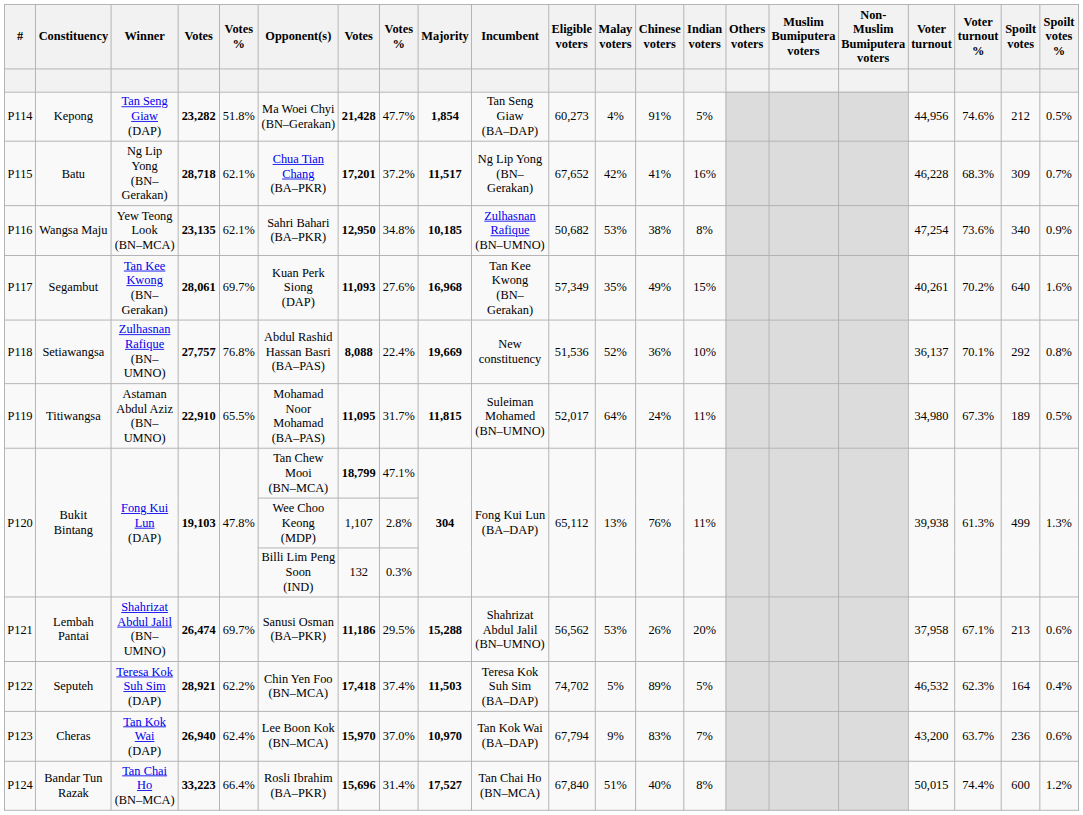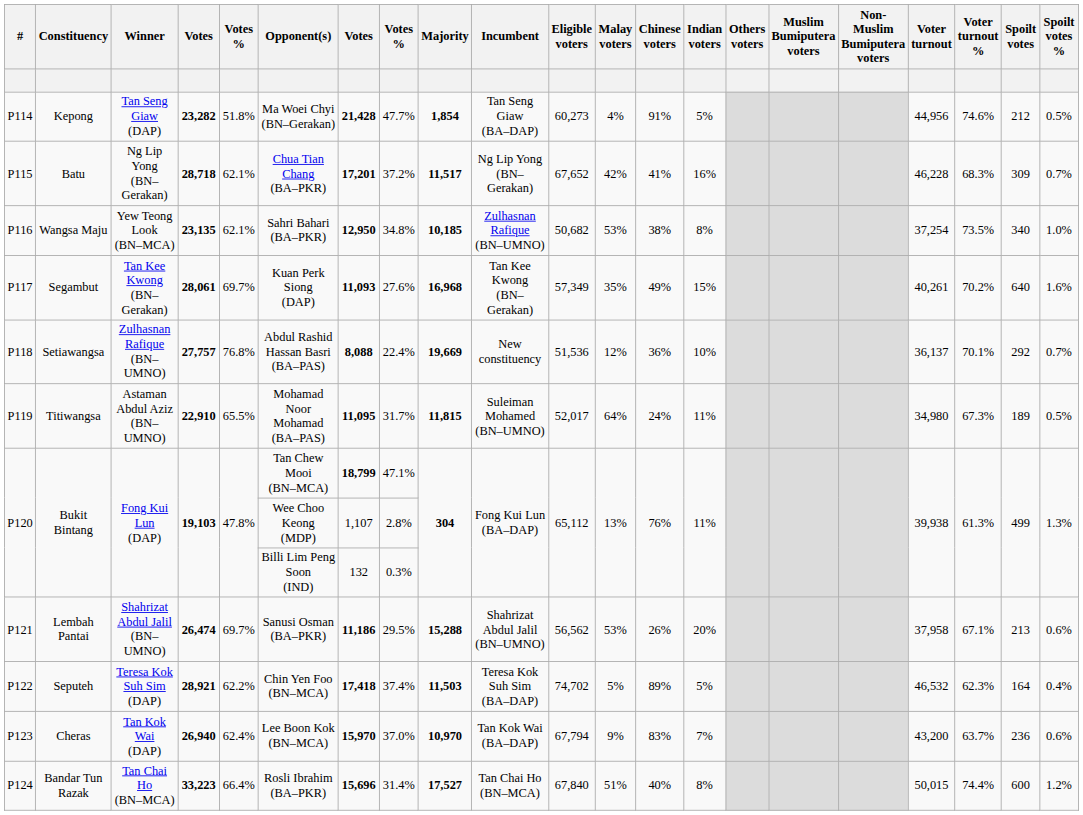 <table class="wikitable sortable" style="text-align:center; font-size:90%">
 <tr>
 <th width="30">#</th>
 <th width="60">Constituency</th>
 <th width="150">Winner</th>
 <th width="50">Votes</th>
 <th width="50">Votes %</th>
 <th width="150">Opponent(s)</th>
 <th width="50">Votes</th>
 <th width="50">Votes %</th>
 <th width="50">Majority</th>
 <th width="150">Incumbent</th>
 <th width="50">Eligible voters</th>
 <th width="50">Malay voters</th>
 <th width="50">Chinese voters</th>
 <th width="50">Indian voters</th>
 <th width="50">Others voters</th>
 <th width="50">Muslim Bumiputera voters</th>
 <th width="50">Non-Muslim Bumiputera voters</th>
 <th width="50">Voter turnout</th>
 <th width="50">Voter turnout %</th>
 <th width="50">Spoilt votes</th>
 <th width="50">Spoilt votes %</th>
 </tr>
 <tr>
 <th height="20"></th>
 <th></th>
 <th></th>
 <th></th>
 <th></th>
 <th></th>
 <th></th>
 <th></th>
 <th></th>
 <th></th>
 <th></th>
 <th></th>
 <th></th>
 <th></th>
 <th></th>
 <th></th>
 <th></th>
 <th></th>
 <th></th>
 <th></th>
 <th></th>
 </tr>
 <tr>
 <td>P114</td>
 <td>Kepong</td>
 <td><a href='#'>Tan Seng Giaw</a><br>(DAP)</td>
 <td><strong>23,282</strong></td>
 <td>51.8%</td>
 <td>Ma Woei Chyi<br>(BN–Gerakan)</td>
 <td><strong>21,428</strong></td>
 <td>47.7%</td>
 <td><strong>1,854</strong></td>
 <td>Tan Seng Giaw<br>(BA–DAP)</td>
 <td>60,273</td>
 <td>4%</td>
 <td>91%</td>
 <td>5%</td>
 <td bgcolor="dcdcdc"></td>
 <td bgcolor="dcdcdc"></td>
 <td bgcolor="dcdcdc"></td>
 <td>44,956</td>
 <td>74.6%</td>
 <td>212</td>
 <td>0.5%</td>
 </tr>
 <tr>
 <td>P115</td>
 <td>Batu</td>
 <td>Ng Lip Yong<br>(BN–Gerakan)</td>
 <td><strong>28,718</strong></td>
 <td>62.1%</td>
 <td><a href='#'>Chua Tian Chang</a><br>(BA–PKR)</td>
 <td><strong>17,201</strong></td>
 <td>37.2%</td>
 <td><strong>11,517</strong></td>
 <td>Ng Lip Yong<br>(BN–Gerakan)</td>
 <td>67,652</td>
 <td>42%</td>
 <td>41%</td>
 <td>16%</td>
 <td bgcolor="dcdcdc"></td>
 <td bgcolor="dcdcdc"></td>
 <td bgcolor="dcdcdc"></td>
 <td>46,228</td>
 <td>68.3%</td>
 <td>309</td>
 <td>0.7%</td>
 </tr>
 <tr>
 <td>P116</td>
 <td>Wangsa Maju</td>
 <td>Yew Teong Look<br>(BN–MCA)</td>
 <td><strong>23,135</strong></td>
 <td>62.1%</td>
 <td>Sahri Bahari<br>(BA–PKR)</td>
 <td><strong>12,950</strong></td>
 <td>34.8%</td>
 <td><strong>10,185</strong></td>
 <td><a href='#'>Zulhasnan Rafique</a><br>(BN–UMNO)</td>
 <td>50,682</td>
 <td>53%</td>
 <td>38%</td>
 <td>8%</td>
 <td bgcolor="dcdcdc"></td>
 <td bgcolor="dcdcdc"></td>
 <td bgcolor="dcdcdc"></td>
-<td>47,254</td>
-<td>73.6%</td>
+<td>37,254</td>
+<td>73.5%</td>
 <td>340</td>
-<td>0.9%</td>
+<td>1.0%</td>
 </tr>
 <tr>
 <td>P117</td>
 <td>Segambut</td>
 <td><a href='#'>Tan Kee Kwong</a><br>(BN–Gerakan)</td>
 <td><strong>28,061</strong></td>
 <td>69.7%</td>
 <td>Kuan Perk Siong<br>(DAP)</td>
 <td><strong>11,093</strong></td>
 <td>27.6%</td>
 <td><strong>16,968</strong></td>
 <td>Tan Kee Kwong<br>(BN–Gerakan)</td>
 <td>57,349</td>
 <td>35%</td>
 <td>49%</td>
 <td>15%</td>
 <td bgcolor="dcdcdc"></td>
 <td bgcolor="dcdcdc"></td>
 <td bgcolor="dcdcdc"></td>
 <td>40,261</td>
 <td>70.2%</td>
 <td>640</td>
 <td>1.6%</td>
 </tr>
 <tr>
 <td>P118</td>
 <td>Setiawangsa</td>
 <td><a href='#'>Zulhasnan Rafique</a><br>(BN–UMNO)</td>
 <td><strong>27,757</strong></td>
 <td>76.8%</td>
 <td>Abdul Rashid Hassan Basri<br>(BA–PAS)</td>
 <td><strong>8,088</strong></td>
 <td>22.4%</td>
 <td><strong>19,669</strong></td>
 <td>New constituency</td>
 <td>51,536</td>
-<td>52%</td>
+<td>12%</td>
 <td>36%</td>
 <td>10%</td>
 <td bgcolor="dcdcdc"></td>
 <td bgcolor="dcdcdc"></td>
 <td bgcolor="dcdcdc"></td>
 <td>36,137</td>
 <td>70.1%</td>
 <td>292</td>
-<td>0.8%</td>
+<td>0.7%</td>
 </tr>
 <tr>
 <td>P119</td>
 <td>Titiwangsa</td>
 <td>Astaman Abdul Aziz<br>(BN–UMNO)</td>
 <td><strong>22,910</strong></td>
 <td>65.5%</td>
 <td>Mohamad Noor Mohamad<br>(BA–PAS)</td>
 <td><strong>11,095</strong></td>
 <td>31.7%</td>
 <td><strong>11,815</strong></td>
 <td>Suleiman Mohamed<br>(BN–UMNO)</td>
 <td>52,017</td>
 <td>64%</td>
 <td>24%</td>
 <td>11%</td>
 <td bgcolor="dcdcdc"></td>
 <td bgcolor="dcdcdc"></td>
 <td bgcolor="dcdcdc"></td>
 <td>34,980</td>
 <td>67.3%</td>
 <td>189</td>
 <td>0.5%</td>
 </tr>
 <tr>
 <td rowspan=3>P120</td>
 <td rowspan=3>Bukit Bintang</td>
 <td rowspan=3><a href='#'>Fong Kui Lun</a><br>(DAP)</td>
 <td rowspan=3><strong>19,103</strong></td>
 <td rowspan=3>47.8%</td>
 <td>Tan Chew Mooi<br>(BN–MCA)</td>
 <td><strong>18,799</strong></td>
 <td>47.1%</td>
 <td rowspan=3><strong>304</strong></td>
 <td rowspan=3>Fong Kui Lun<br>(BA–DAP)</td>
 <td rowspan=3>65,112</td>
 <td rowspan=3>13%</td>
 <td rowspan=3>76%</td>
 <td rowspan=3>11%</td>
 <td rowspan=3 bgcolor="dcdcdc"></td>
 <td rowspan=3 bgcolor="dcdcdc"></td>
 <td rowspan=3 bgcolor="dcdcdc"></td>
 <td rowspan=3>39,938</td>
 <td rowspan=3>61.3%</td>
 <td rowspan=3>499</td>
 <td rowspan=3>1.3%</td>
 </tr>
 <tr>
 <td>Wee Choo Keong<br>(MDP)</td>
 <td>1,107</td>
 <td>2.8%</td>
 </tr>
 <tr>
 <td>Billi Lim Peng Soon<br>(IND)</td>
 <td>132</td>
 <td>0.3%</td>
 </tr>
 <tr>
 <td>P121</td>
 <td>Lembah Pantai</td>
 <td><a href='#'>Shahrizat Abdul Jalil</a><br>(BN–UMNO)</td>
 <td><strong>26,474</strong></td>
 <td>69.7%</td>
 <td>Sanusi Osman<br>(BA–PKR)</td>
 <td><strong>11,186</strong></td>
 <td>29.5%</td>
 <td><strong>15,288</strong></td>
 <td>Shahrizat Abdul Jalil<br>(BN–UMNO)</td>
 <td>56,562</td>
 <td>53%</td>
 <td>26%</td>
 <td>20%</td>
 <td bgcolor="dcdcdc"></td>
 <td bgcolor="dcdcdc"></td>
 <td bgcolor="dcdcdc"></td>
 <td>37,958</td>
 <td>67.1%</td>
 <td>213</td>
 <td>0.6%</td>
 </tr>
 <tr>
 <td>P122</td>
 <td>Seputeh</td>
 <td><a href='#'>Teresa Kok Suh Sim</a><br>(DAP)</td>
 <td><strong>28,921</strong></td>
 <td>62.2%</td>
 <td>Chin Yen Foo<br>(BN–MCA)</td>
 <td><strong>17,418</strong></td>
 <td>37.4%</td>
 <td><strong>11,503</strong></td>
 <td>Teresa Kok Suh Sim<br>(BA–DAP)</td>
 <td>74,702</td>
 <td>5%</td>
 <td>89%</td>
 <td>5%</td>
 <td bgcolor="dcdcdc"></td>
 <td bgcolor="dcdcdc"></td>
 <td bgcolor="dcdcdc"></td>
 <td>46,532</td>
 <td>62.3%</td>
 <td>164</td>
 <td>0.4%</td>
 </tr>
 <tr>
 <td>P123</td>
 <td>Cheras</td>
 <td><a href='#'>Tan Kok Wai</a><br>(DAP)</td>
 <td><strong>26,940</strong></td>
 <td>62.4%</td>
 <td>Lee Boon Kok<br>(BN–MCA)</td>
 <td><strong>15,970</strong></td>
 <td>37.0%</td>
 <td><strong>10,970</strong></td>
 <td>Tan Kok Wai<br>(BA–DAP)</td>
 <td>67,794</td>
 <td>9%</td>
 <td>83%</td>
 <td>7%</td>
 <td bgcolor="dcdcdc"></td>
 <td bgcolor="dcdcdc"></td>
 <td bgcolor="dcdcdc"></td>
 <td>43,200</td>
 <td>63.7%</td>
 <td>236</td>
 <td>0.6%</td>
 </tr>
 <tr>
 <td>P124</td>
 <td>Bandar Tun Razak</td>
 <td><a href='#'>Tan Chai Ho</a><br>(BN–MCA)</td>
 <td><strong>33,223</strong></td>
 <td>66.4%</td>
 <td>Rosli Ibrahim<br>(BA–PKR)</td>
 <td><strong>15,696</strong></td>
 <td>31.4%</td>
 <td><strong>17,527</strong></td>
 <td>Tan Chai Ho<br>(BN–MCA)</td>
 <td>67,840</td>
 <td>51%</td>
 <td>40%</td>
 <td>8%</td>
 <td bgcolor="dcdcdc"></td>
 <td bgcolor="dcdcdc"></td>
 <td bgcolor="dcdcdc"></td>
 <td>50,015</td>
 <td>74.4%</td>
 <td>600</td>
 <td>1.2%</td>
 </tr>
 </table>
